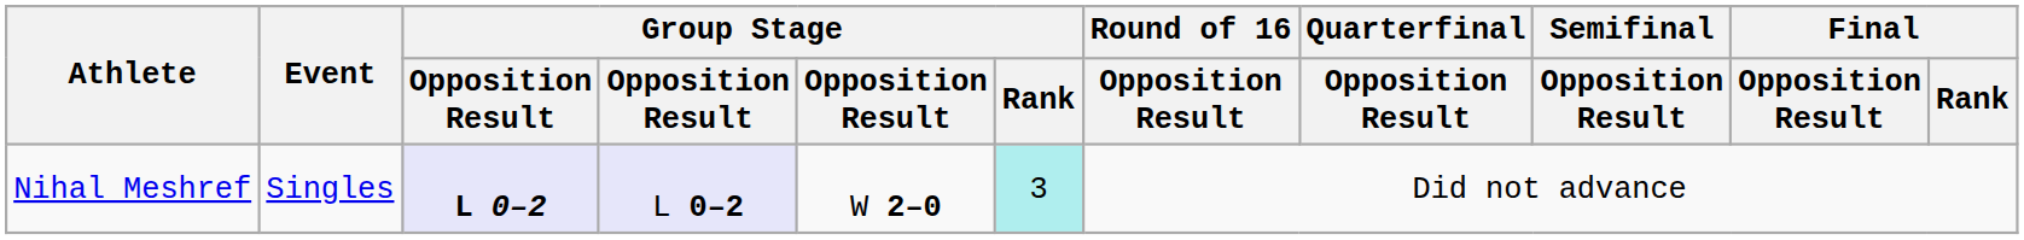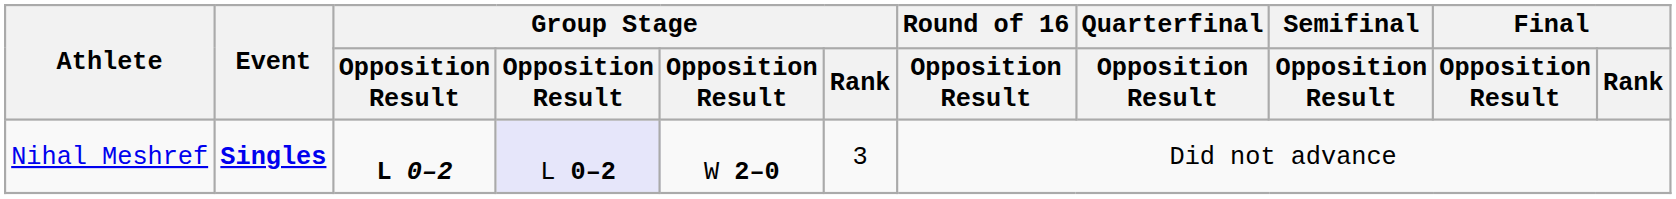 <table class=wikitable style="font-size:90%">
 <tr>
 <th rowspan="2">Athlete</th>
 <th rowspan="2">Event</th>
 <th colspan="4">Group Stage</th>
 <th>Round of 16</th>
 <th>Quarterfinal</th>
 <th>Semifinal</th>
 <th colspan=2>Final</th>
 </tr>
 <tr>
 <th>Opposition<br>Result</th>
 <th>Opposition<br>Result</th>
 <th>Opposition<br>Result</th>
 <th>Rank</th>
 <th>Opposition<br>Result</th>
 <th>Opposition<br>Result</th>
 <th>Opposition<br>Result</th>
 <th>Opposition<br>Result</th>
 <th>Rank</th>
 </tr>
 <tr align=center>
 <td align=left><a href='#'>Nihal Meshref</a></td>
-<td align=left><a href='#'>Singles</a></td>
-<td style="background: lavender;"><br><strong>L<em> 0–2</td>
+<td align=left><strong><a href='#'>Singles</a></strong></td>
+<td><br><strong>L<em> 0–2</td>
 <td style="background: lavender;"><br></strong>L<strong> 0–2</td>
 <td><br></strong>W<strong> 2–0</td>
-<td style="background: paleturquoise;">3</td>
+<td>3</td>
 <td colspan=5>Did not advance</td>
 </tr>
 </table>
